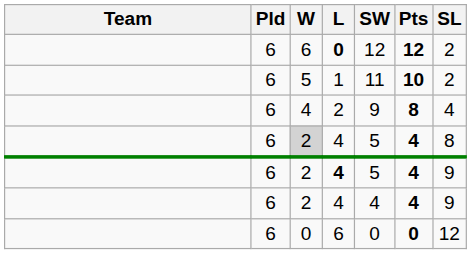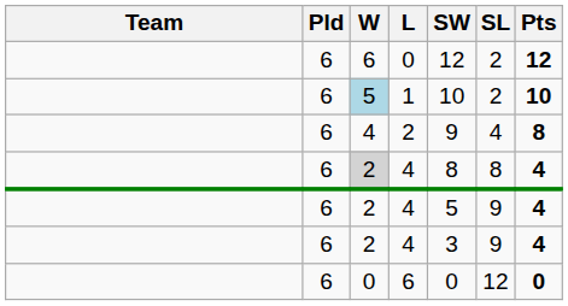 <table class=wikitable style="text-align:center">
 <tr>
 <th width=200>Team</th>
 <th width=20>Pld</th>
 <th width=20>W</th>
 <th width=20>L</th>
 <th width=20>SW</th>
+<th width=20>SL</th>
 <th width=20>Pts</th>
-<th width=20>SL</th>
 </tr>
 <tr>
 <td align=left></td>
 <td>6</td>
 <td>6</td>
-<td><strong>0</strong></td>
+<td>0</td>
 <td>12</td>
+<td>2</td>
 <td><strong>12</strong></td>
-<td>2</td>
 </tr>
 <tr>
 <td align=left></td>
 <td>6</td>
-<td>5</td>
+<td style="background: lightblue;">5</td>
 <td>1</td>
-<td>11</td>
+<td>10</td>
+<td>2</td>
 <td><strong>10</strong></td>
-<td>2</td>
 </tr>
 <tr>
 <td align=left></td>
 <td>6</td>
 <td>4</td>
 <td>2</td>
 <td>9</td>
+<td>4</td>
 <td><strong>8</strong></td>
-<td>4</td>
 </tr>
 <tr>
 <td align=left></td>
 <td>6</td>
 <td style="background: lightgrey;">2</td>
 <td>4</td>
-<td>5</td>
+<td>8</td>
+<td>8</td>
 <td><strong>4</strong></td>
-<td>8</td>
 </tr>
 <tr style="border-top:3px solid green;">
 <td align=left></td>
 <td>6</td>
 <td>2</td>
+<td>4</td>
+<td>5</td>
+<td>9</td>
 <td><strong>4</strong></td>
-<td>5</td>
-<td><strong>4</strong></td>
-<td>9</td>
 </tr>
 <tr>
 <td align=left></td>
 <td>6</td>
 <td>2</td>
 <td>4</td>
-<td>4</td>
+<td>3</td>
+<td>9</td>
 <td><strong>4</strong></td>
-<td>9</td>
 </tr>
 <tr>
 <td align=left></td>
 <td>6</td>
 <td>0</td>
 <td>6</td>
 <td>0</td>
+<td>12</td>
 <td><strong>0</strong></td>
-<td>12</td>
 </tr>
 </table>
